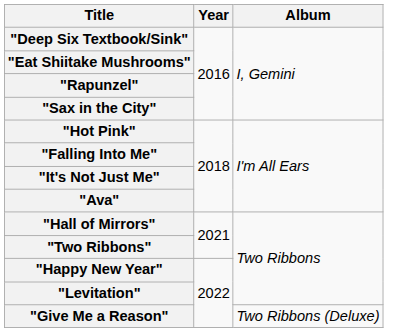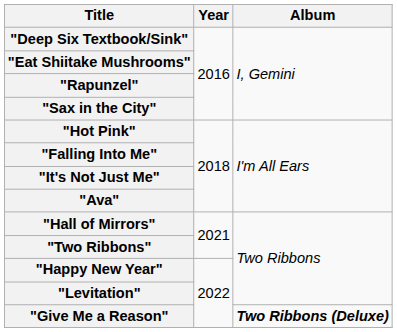 <table class="wikitable plainrowheaders">
 <tr>
 <th scope="col">Title</th>
 <th scope="col">Year</th>
 <th scope="col">Album</th>
 </tr>
 <tr>
 <th scope="row">"Deep Six Textbook/Sink"</th>
 <td style="text-align:center;" rowspan="4">2016</td>
 <td rowspan="4"><em>I, Gemini</em></td>
 </tr>
 <tr>
 <th scope="row">"Eat Shiitake Mushrooms"</th>
 </tr>
 <tr>
 <th scope="row">"Rapunzel"</th>
 </tr>
 <tr>
 <th scope="row">"Sax in the City"</th>
 </tr>
 <tr>
 <th scope="row">"Hot Pink"</th>
 <td style="text-align:center;" rowspan="4">2018</td>
 <td rowspan="4"><em>I'm All Ears</em></td>
 </tr>
 <tr>
 <th scope="row">"Falling Into Me"</th>
 </tr>
 <tr>
 <th scope="row">"It's Not Just Me"</th>
 </tr>
 <tr>
 <th scope="row">"Ava"</th>
 </tr>
 <tr>
 <th scope="row">"Hall of Mirrors"</th>
 <td style="text-align:center;" rowspan="2">2021</td>
 <td rowspan="4"><em>Two Ribbons</em></td>
 </tr>
 <tr>
 <th scope="row">"Two Ribbons"</th>
 </tr>
 <tr>
 <th scope="row">"Happy New Year"</th>
 <td rowspan="3" style="text-align:center;">2022</td>
 </tr>
 <tr>
 <th scope="row">"Levitation"</th>
 </tr>
 <tr>
 <th scope="row">"Give Me a Reason"</th>
-<td><em>Two Ribbons (Deluxe)</em></td>
+<td><strong><em>Two Ribbons (Deluxe)</em></strong></td>
 </tr>
 </table>
